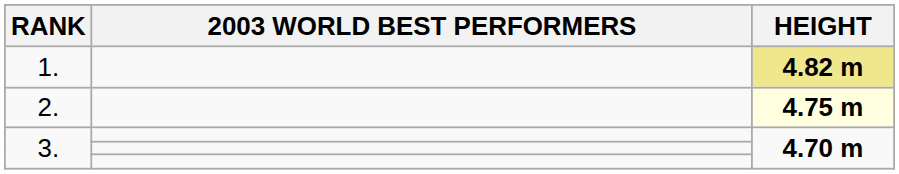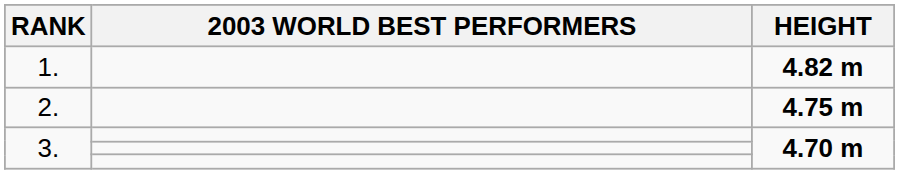 <table class="wikitable" style="border-collapse: collapse; font-size: 90%;">
 <tr>
 <th>RANK</th>
 <th align="center" style="width: 25em">2003 WORLD BEST PERFORMERS</th>
 <th align="center" style="width: 5em">HEIGHT</th>
 </tr>
 <tr>
 <td align="center">1.</td>
 <td></td>
-<td align="center" style="background: khaki;"><strong>4.82 m</strong></td>
+<td align="center"><strong>4.82 m</strong></td>
 </tr>
 <tr>
 <td align="center">2.</td>
 <td></td>
-<td align="center" style="background: lightyellow;"><strong>4.75 m</strong></td>
+<td align="center"><strong>4.75 m</strong></td>
 </tr>
 <tr>
 <td rowspan=3 align="center">3.</td>
 <td></td>
 <td rowspan=3 align="center"><strong>4.70 m</strong></td>
 </tr>
 <tr>
 <td></td>
 </tr>
 <tr>
 <td></td>
 </tr>
 </table>
